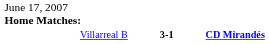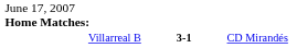 <table width=100% cellspacing=1>
 <tr>
 <th width=20%></th>
 <th width=12%></th>
 <th width=20%></th>
 <th></th>
 </tr>
 <tr>
 <td>June 17, 2007<br><strong>Home Matches:</strong></td>
 </tr>
 <tr style=font-size:90%>
 <td align=right><a href='#'>Villarreal B</a></td>
 <td align=center><strong>3-1</strong></td>
-<td><strong><a href='#'>CD Mirandés</a></strong></td>
+<td><a href='#'>CD Mirandés</a></td>
 </tr>
 </table>
